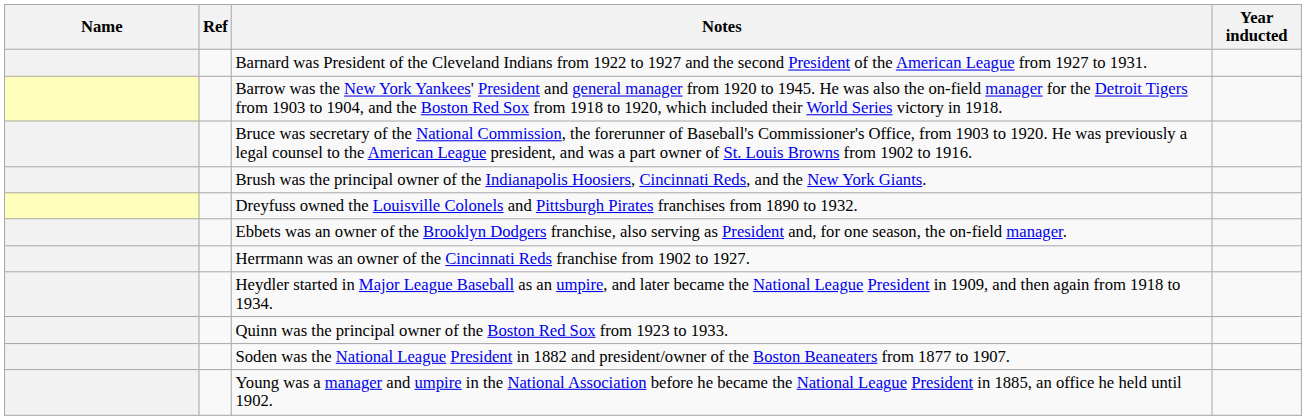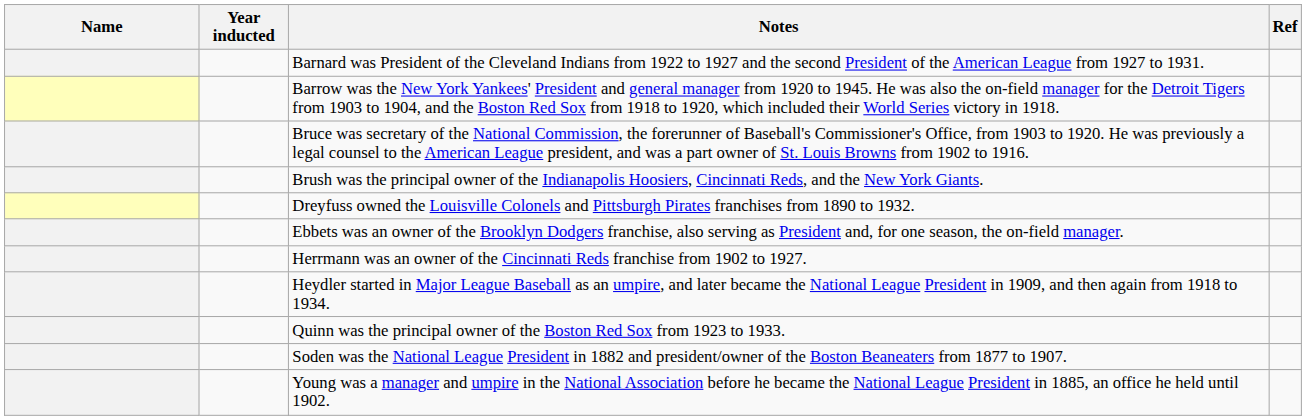 <table class="wikitable sortable plainrowheaders">
 <tr>
 <th scope="col" width=15%>Name</th>
+<th scope="col">Year inducted</th>
+<th scope="col" class="unsortable">Notes</th>
 <th scope="col" class="unsortable">Ref</th>
-<th scope="col" class="unsortable">Notes</th>
-<th scope="col">Year inducted</th>
 </tr>
 <tr>
 <th scope="row" style="text-align:center"></th>
 <td align=center></td>
 <td>Barnard was President of the Cleveland Indians from 1922 to 1927 and the second <a href='#'>President</a> of the <a href='#'>American League</a> from 1927 to 1931.</td>
 <td align=center></td>
 </tr>
 <tr>
 <th scope="row" style="text-align:center; background-color: #ffffbb"><sup></sup></th>
 <td align=center></td>
 <td>Barrow was the <a href='#'>New York Yankees</a>' <a href='#'>President</a> and <a href='#'>general manager</a> from 1920 to 1945. He was also the on-field <a href='#'>manager</a> for the <a href='#'>Detroit Tigers</a> from 1903 to 1904, and the <a href='#'>Boston Red Sox</a> from 1918 to 1920, which included their <a href='#'>World Series</a> victory in 1918.</td>
 <td align=center></td>
 </tr>
 <tr>
 <th scope="row" style="text-align:center"></th>
 <td align=center></td>
 <td>Bruce was secretary of the <a href='#'>National Commission</a>, the forerunner of Baseball's Commissioner's Office, from 1903 to 1920. He was previously a legal counsel to the <a href='#'>American League</a> president, and was a part owner of <a href='#'>St. Louis Browns</a> from 1902 to 1916.</td>
 <td align=center></td>
 </tr>
 <tr>
 <th scope="row" style="text-align:center"></th>
 <td align=center></td>
 <td>Brush was the principal owner of the <a href='#'>Indianapolis Hoosiers</a>, <a href='#'>Cincinnati Reds</a>, and the <a href='#'>New York Giants</a>.</td>
 <td align=center></td>
 </tr>
 <tr>
 <th scope="row" style="text-align:center; background-color: #ffffbb"><sup></sup></th>
 <td align=center></td>
 <td>Dreyfuss owned the <a href='#'>Louisville Colonels</a> and <a href='#'>Pittsburgh Pirates</a> franchises from 1890 to 1932.</td>
 <td align=center></td>
 </tr>
 <tr>
 <th scope="row" style="text-align:center"></th>
 <td align=center></td>
 <td>Ebbets was an owner of the <a href='#'>Brooklyn Dodgers</a> franchise, also serving as <a href='#'>President</a> and, for one season, the on-field <a href='#'>manager</a>.</td>
 <td align=center></td>
 </tr>
 <tr>
 <th scope="row" style="text-align:center"></th>
 <td align=center></td>
 <td>Herrmann was an owner of the <a href='#'>Cincinnati Reds</a> franchise from 1902 to 1927.</td>
 <td align=center></td>
 </tr>
 <tr>
 <th scope="row" style="text-align:center"></th>
 <td align=center></td>
 <td>Heydler started in <a href='#'>Major League Baseball</a> as an <a href='#'>umpire</a>, and later became the <a href='#'>National League</a> <a href='#'>President</a> in 1909, and then again from 1918 to 1934.</td>
 <td align=center></td>
 </tr>
 <tr>
 <th scope="row" style="text-align:center"></th>
 <td align=center></td>
 <td>Quinn was the principal owner of the <a href='#'>Boston Red Sox</a> from 1923 to 1933.</td>
 <td align=center></td>
 </tr>
 <tr>
 <th scope="row" style="text-align:center"></th>
 <td align=center></td>
 <td>Soden was the <a href='#'>National League</a> <a href='#'>President</a> in 1882 and president/owner of the <a href='#'>Boston Beaneaters</a> from 1877 to 1907.</td>
 <td align=center></td>
 </tr>
 <tr>
 <th scope="row" style="text-align:center"></th>
 <td align=center></td>
 <td>Young was a <a href='#'>manager</a> and <a href='#'>umpire</a> in the <a href='#'>National Association</a> before he became the <a href='#'>National League</a> <a href='#'>President</a> in 1885, an office he held until 1902.</td>
 <td align=center></td>
 </tr>
 </table>
